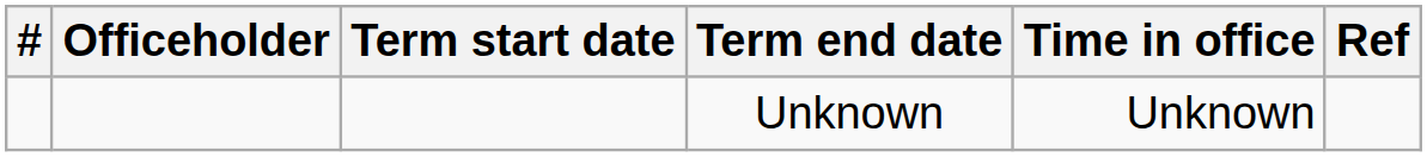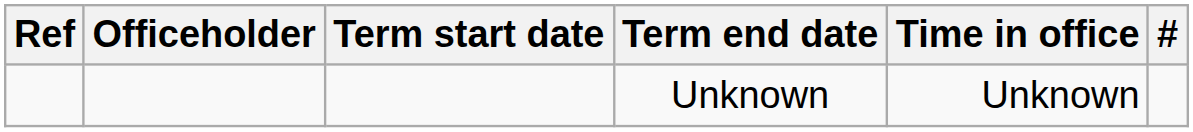 <table class="wikitable sortable">
 <tr>
-<th>#</th>
+<th class="unsortable">Ref</th>
 <th>Officeholder</th>
 <th>Term start date</th>
 <th>Term end date</th>
 <th>Time in office</th>
-<th class="unsortable">Ref</th>
+<th>#</th>
 </tr>
 <tr>
-<td align="center"></td>
+<td></td>
 <td></td>
 <td align="center"></td>
 <td align="center">Unknown</td>
 <td align="right">Unknown</td>
-<td></td>
+<td align="center"></td>
 </tr>
 </table>
